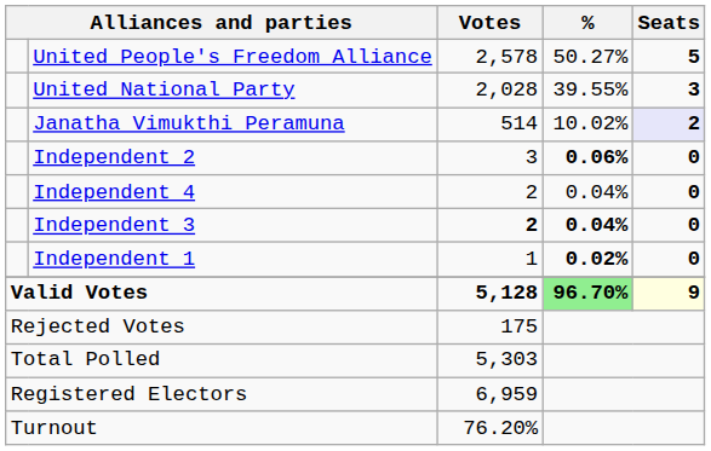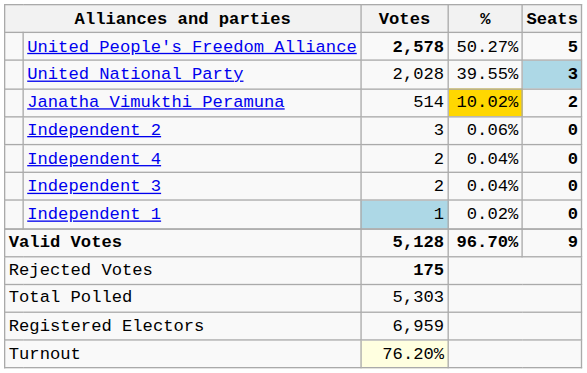 <table class="wikitable" border="1" style="text-align:right;">
 <tr>
 <th valign=bottom align=left colspan=2>Alliances and parties</th>
 <th valign=bottom align=center width="60">Votes</th>
 <th valign=bottom align=center width="50">%</th>
 <th valign=bottom align=center>Seats</th>
 </tr>
 <tr>
 <td bgcolor=> </td>
 <td align=left><a href='#'>United People's Freedom Alliance</a></td>
-<td>2,578</td>
+<td><strong>2,578</strong></td>
 <td>50.27%</td>
 <td><strong>5</strong></td>
 </tr>
 <tr>
 <td bgcolor=> </td>
 <td align=left><a href='#'>United National Party</a></td>
 <td>2,028</td>
 <td>39.55%</td>
-<td><strong>3</strong></td>
+<td style="background: lightblue;"><strong>3</strong></td>
 </tr>
 <tr>
 <td bgcolor=> </td>
 <td align=left><a href='#'>Janatha Vimukthi Peramuna</a></td>
 <td>514</td>
-<td>10.02%</td>
-<td style="background: lavender;"><strong>2</strong></td>
+<td style="background: gold;">10.02%</td>
+<td><strong>2</strong></td>
 </tr>
 <tr>
 <td></td>
 <td align=left><a href='#'>Independent 2</a></td>
 <td>3</td>
-<td><strong>0.06%</strong></td>
+<td>0.06%</td>
 <td><strong>0</strong></td>
 </tr>
 <tr>
 <td></td>
 <td align=left><a href='#'>Independent 4</a></td>
 <td>2</td>
 <td>0.04%</td>
 <td><strong>0</strong></td>
 </tr>
 <tr>
 <td></td>
 <td align=left><a href='#'>Independent 3</a></td>
-<td><strong>2</strong></td>
-<td><strong>0.04%</strong></td>
+<td>2</td>
+<td>0.04%</td>
 <td><strong>0</strong></td>
 </tr>
 <tr>
 <td></td>
 <td align=left><a href='#'>Independent 1</a></td>
-<td>1</td>
-<td><strong>0.02%</strong></td>
+<td style="background: lightblue;">1</td>
+<td>0.02%</td>
 <td><strong>0</strong></td>
 </tr>
 <tr>
 </tr>
 <tr>
 <td colspan=2 align=left><strong>Valid Votes</strong></td>
 <td><strong>5,128</strong></td>
-<td style="background: lightgreen;"><strong>96.70%</strong></td>
-<td style="background: lightyellow;"><strong>9</strong></td>
+<td><strong>96.70%</strong></td>
+<td><strong>9</strong></td>
 </tr>
 <tr>
 <td colspan=2 align=left>Rejected Votes</td>
-<td>175</td>
+<td><strong>175</strong></td>
 <td colspan=2></td>
 </tr>
 <tr>
 <td colspan=2 align=left>Total Polled</td>
 <td>5,303</td>
 <td colspan=2></td>
 </tr>
 <tr>
 <td colspan=2 align=left>Registered Electors</td>
 <td>6,959</td>
 <td colspan=2></td>
 </tr>
 <tr>
 <td colspan=2 align=left>Turnout</td>
-<td>76.20%</td>
+<td style="background: lightyellow;">76.20%</td>
 <td colspan=2></td>
 </tr>
 </table>
